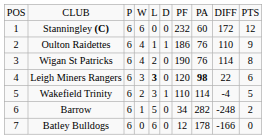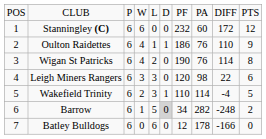 <table class="wikitable" style="text-align: center;">
 <tr>
 <td>POS</td>
 <td>CLUB</td>
 <td>P</td>
 <td>W</td>
 <td>L</td>
 <td>D</td>
 <td>PF</td>
 <td>PA</td>
 <td>DIFF</td>
 <td>PTS</td>
 </tr>
 <tr>
 <td>1</td>
 <td>Stanningley <strong>(C)</strong></td>
 <td>6</td>
 <td>6</td>
 <td>0</td>
 <td>0</td>
 <td>232</td>
 <td>60</td>
 <td>172</td>
 <td>12</td>
 </tr>
 <tr>
 <td>2</td>
 <td>Oulton Raidettes</td>
 <td>6</td>
 <td>4</td>
 <td>1</td>
 <td>1</td>
 <td>186</td>
 <td>76</td>
 <td>110</td>
 <td>9</td>
 </tr>
 <tr>
 <td>3</td>
 <td>Wigan St Patricks</td>
 <td>6</td>
 <td>4</td>
 <td>2</td>
 <td>0</td>
 <td>190</td>
 <td>76</td>
 <td>114</td>
 <td>8</td>
 </tr>
 <tr>
 <td>4</td>
 <td>Leigh Miners Rangers</td>
 <td>6</td>
 <td>3</td>
-<td><strong>3</strong></td>
+<td>3</td>
 <td>0</td>
 <td>120</td>
-<td><strong>98</strong></td>
+<td>98</td>
 <td>22</td>
 <td>6</td>
 </tr>
 <tr>
 <td>5</td>
 <td>Wakefield Trinity</td>
 <td>6</td>
 <td>2</td>
 <td>3</td>
 <td>1</td>
 <td>110</td>
 <td>114</td>
 <td>-4</td>
 <td>5</td>
 </tr>
 <tr>
 <td>6</td>
 <td>Barrow</td>
 <td>6</td>
 <td>1</td>
 <td>5</td>
-<td>0</td>
+<td style="background: lightgrey;">0</td>
 <td>34</td>
 <td>282</td>
 <td>-248</td>
 <td>2</td>
 </tr>
 <tr>
 <td>7</td>
 <td>Batley Bulldogs</td>
 <td>6</td>
 <td>0</td>
 <td>6</td>
 <td>0</td>
 <td>12</td>
 <td>178</td>
 <td>-166</td>
 <td>0</td>
 </tr>
 </table>
